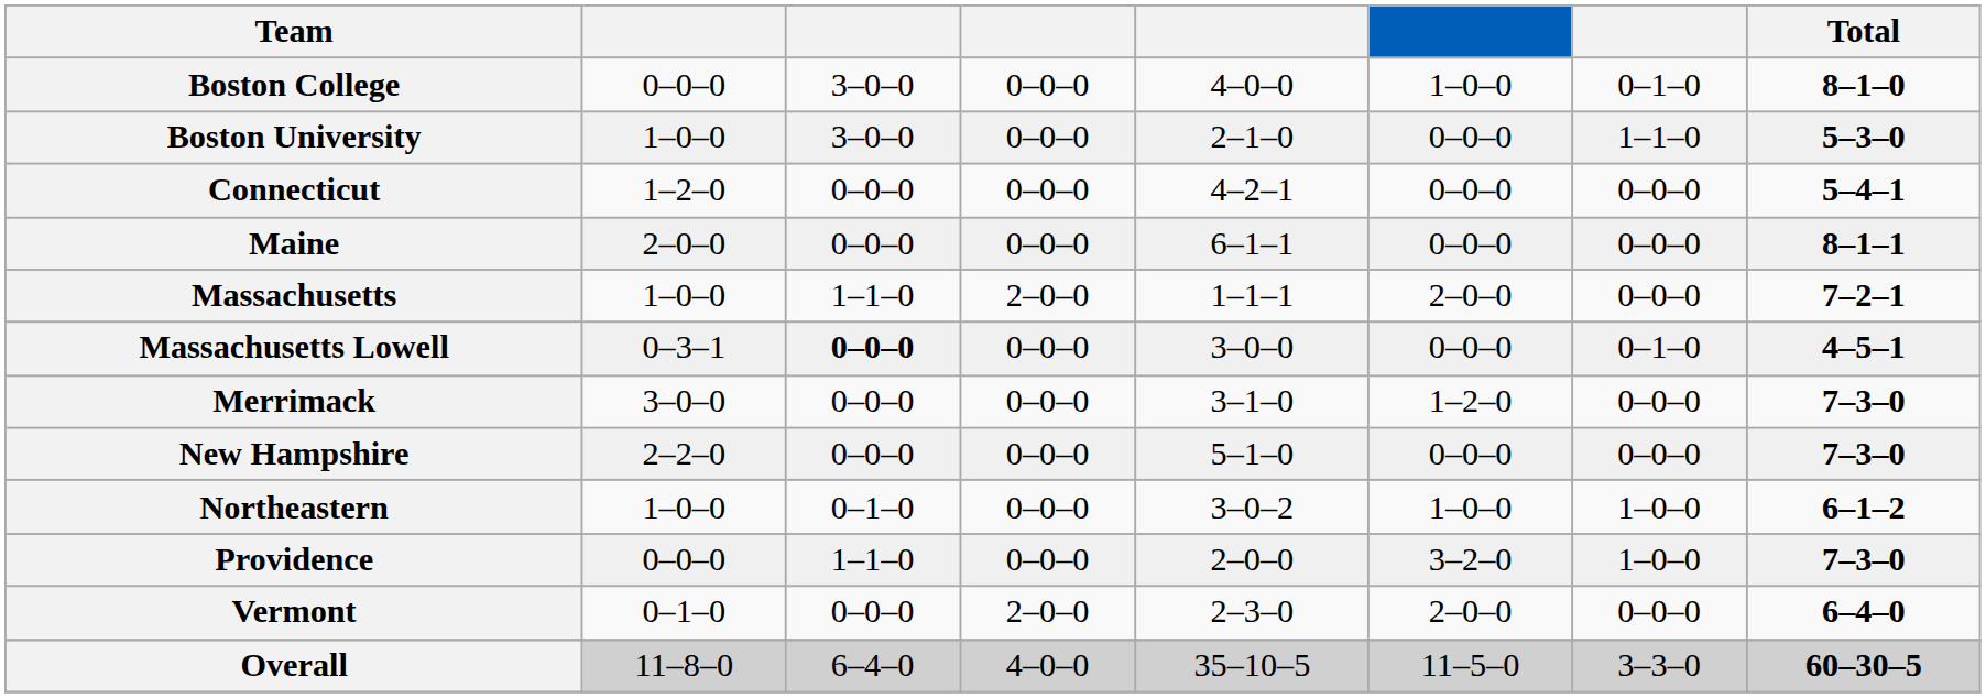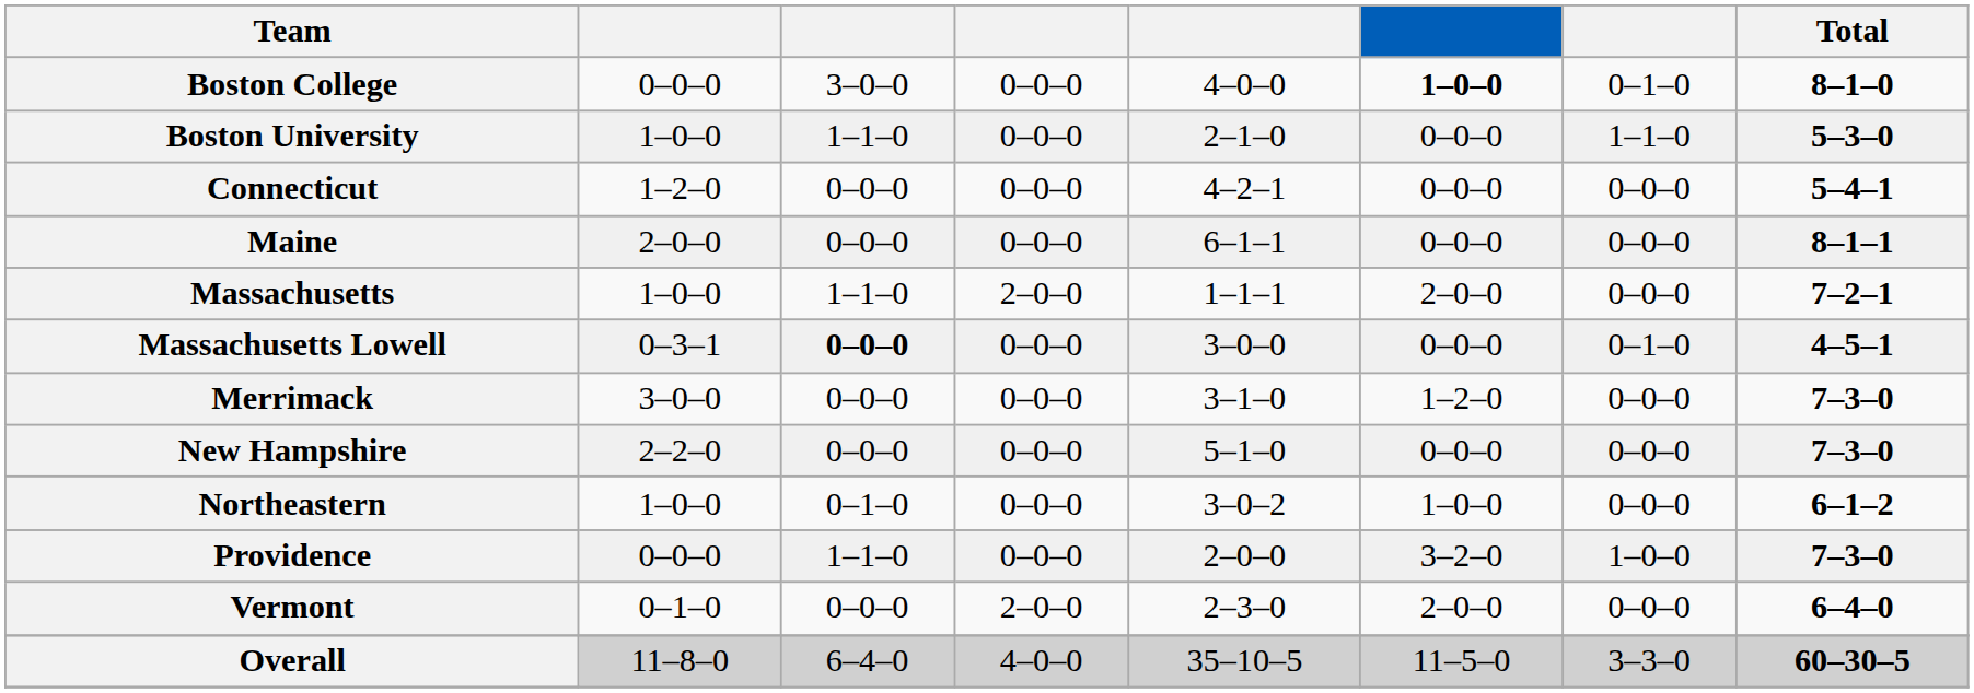 <table class="wikitable" style="text-align: center; "width=60%">
 <tr>
 <th>Team</th>
 <th><a href='#'></a></th>
 <th><a href='#'></a></th>
 <th><a href='#'></a></th>
 <th><a href='#'></a></th>
 <th style="color:white; background:#005EB8"><a href='#'></a></th>
 <th><a href='#'></a></th>
 <th>Total</th>
 </tr>
 <tr>
 <th>Boston College</th>
 <td>0–0–0</td>
 <td>3–0–0</td>
 <td>0–0–0</td>
 <td>4–0–0</td>
-<td>1–0–0</td>
+<td><strong>1–0–0</strong></td>
 <td>0–1–0</td>
 <td><strong>8–1–0</strong></td>
 </tr>
 <tr bgcolor=f0f0f0>
 <th>Boston University</th>
 <td>1–0–0</td>
-<td>3–0–0</td>
+<td>1–1–0</td>
 <td>0–0–0</td>
 <td>2–1–0</td>
 <td>0–0–0</td>
 <td>1–1–0</td>
 <td><strong>5–3–0</strong></td>
 </tr>
 <tr>
 <th>Connecticut</th>
 <td>1–2–0</td>
 <td>0–0–0</td>
 <td>0–0–0</td>
 <td>4–2–1</td>
 <td>0–0–0</td>
 <td>0–0–0</td>
 <td><strong>5–4–1</strong></td>
 </tr>
 <tr bgcolor=f0f0f0>
 <th>Maine</th>
 <td>2–0–0</td>
 <td>0–0–0</td>
 <td>0–0–0</td>
 <td>6–1–1</td>
 <td>0–0–0</td>
 <td>0–0–0</td>
 <td><strong>8–1–1</strong></td>
 </tr>
 <tr>
 <th>Massachusetts</th>
 <td>1–0–0</td>
 <td>1–1–0</td>
 <td>2–0–0</td>
 <td>1–1–1</td>
 <td>2–0–0</td>
 <td>0–0–0</td>
 <td><strong>7–2–1</strong></td>
 </tr>
 <tr bgcolor=f0f0f0>
 <th>Massachusetts Lowell</th>
 <td>0–3–1</td>
 <td><strong>0–0–0</strong></td>
 <td>0–0–0</td>
 <td>3–0–0</td>
 <td>0–0–0</td>
 <td>0–1–0</td>
 <td><strong>4–5–1</strong></td>
 </tr>
 <tr>
 <th>Merrimack</th>
 <td>3–0–0</td>
 <td>0–0–0</td>
 <td>0–0–0</td>
 <td>3–1–0</td>
 <td>1–2–0</td>
 <td>0–0–0</td>
 <td><strong>7–3–0</strong></td>
 </tr>
 <tr bgcolor=f0f0f0>
 <th>New Hampshire</th>
 <td>2–2–0</td>
 <td>0–0–0</td>
 <td>0–0–0</td>
 <td>5–1–0</td>
 <td>0–0–0</td>
 <td>0–0–0</td>
 <td><strong>7–3–0</strong></td>
 </tr>
 <tr>
 <th>Northeastern</th>
 <td>1–0–0</td>
 <td>0–1–0</td>
 <td>0–0–0</td>
 <td>3–0–2</td>
 <td>1–0–0</td>
-<td>1–0–0</td>
+<td>0–0–0</td>
 <td><strong>6–1–2</strong></td>
 </tr>
 <tr bgcolor=f0f0f0>
 <th>Providence</th>
 <td>0–0–0</td>
 <td>1–1–0</td>
 <td>0–0–0</td>
 <td>2–0–0</td>
 <td>3–2–0</td>
 <td>1–0–0</td>
 <td><strong>7–3–0</strong></td>
 </tr>
 <tr>
 <th>Vermont</th>
 <td>0–1–0</td>
 <td>0–0–0</td>
 <td>2–0–0</td>
 <td>2–3–0</td>
 <td>2–0–0</td>
 <td>0–0–0</td>
 <td><strong>6–4–0</strong></td>
 </tr>
 <tr>
 </tr>
 <tr bgcolor=d0d0d0>
 <th>Overall</th>
 <td>11–8–0</td>
 <td>6–4–0</td>
 <td>4–0–0</td>
 <td>35–10–5</td>
 <td>11–5–0</td>
 <td>3–3–0</td>
 <td><strong>60–30–5</strong></td>
 </tr>
 <tr>
 </tr>
 </table>
